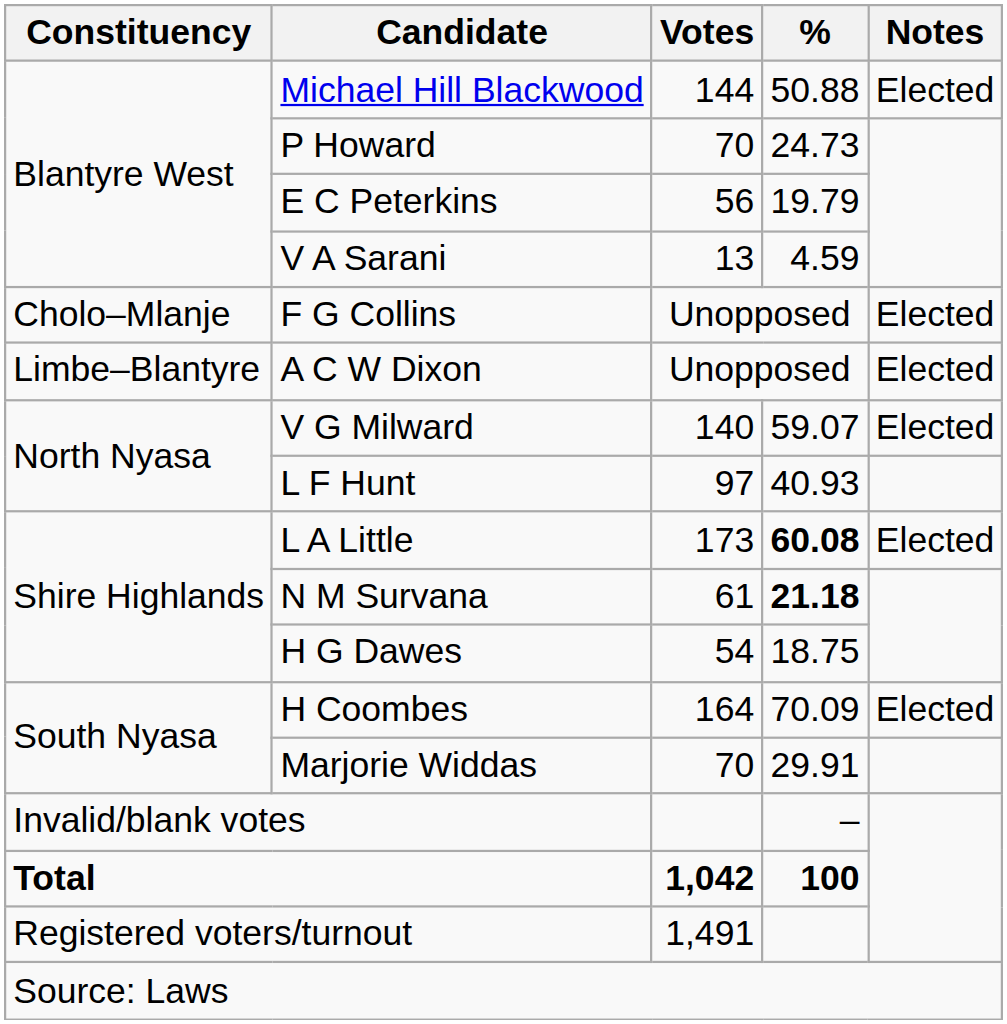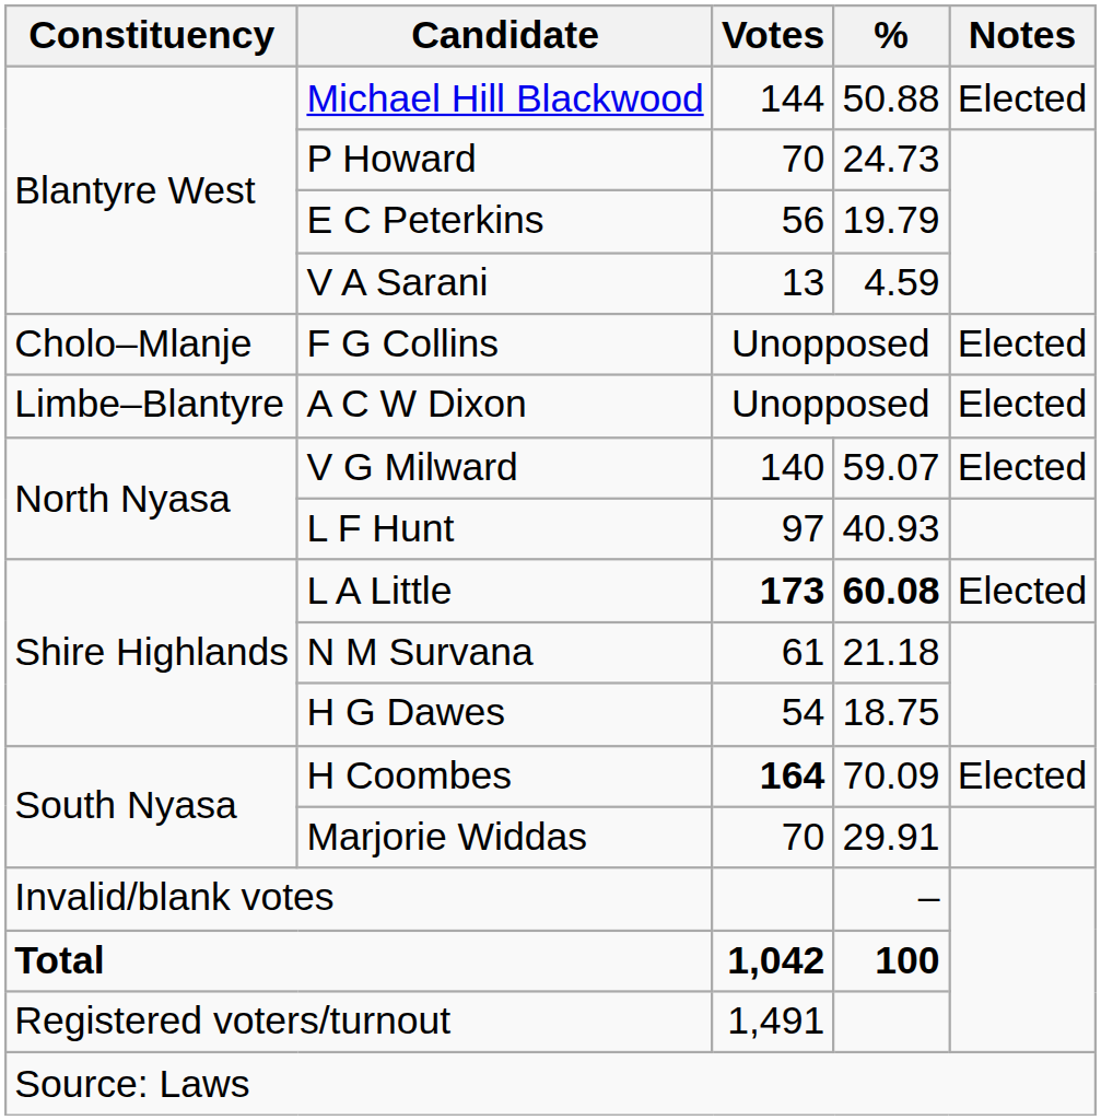 <table class=wikitable style=text-align:right>
 <tr>
 <th>Constituency</th>
 <th>Candidate</th>
 <th>Votes</th>
 <th>%</th>
 <th>Notes</th>
 </tr>
 <tr>
 <td align=left rowspan=4>Blantyre West</td>
 <td align=left><a href='#'>Michael Hill Blackwood</a></td>
 <td>144</td>
 <td>50.88</td>
 <td>Elected</td>
 </tr>
 <tr>
 <td align=left>P Howard</td>
 <td>70</td>
 <td>24.73</td>
 <td rowspan=3></td>
 </tr>
 <tr>
 <td align=left>E C Peterkins</td>
 <td>56</td>
 <td>19.79</td>
 </tr>
 <tr>
 <td align=left>V A Sarani</td>
 <td>13</td>
 <td>4.59</td>
 </tr>
 <tr>
 <td align=left>Cholo–Mlanje</td>
 <td align=left>F G Collins</td>
 <td colspan=2 align=center>Unopposed</td>
 <td>Elected</td>
 </tr>
 <tr>
 <td align=left>Limbe–Blantyre</td>
 <td align=left>A C W Dixon</td>
 <td colspan=2 align=center>Unopposed</td>
 <td>Elected</td>
 </tr>
 <tr>
 <td align=left rowspan=2>North Nyasa</td>
 <td align=left>V G Milward</td>
 <td>140</td>
 <td>59.07</td>
 <td>Elected</td>
 </tr>
 <tr>
 <td align=left>L F Hunt</td>
 <td>97</td>
 <td>40.93</td>
 <td></td>
 </tr>
 <tr>
 <td align=left rowspan=3>Shire Highlands</td>
 <td align=left>L A Little</td>
-<td>173</td>
+<td><strong>173</strong></td>
 <td><strong>60.08</strong></td>
 <td>Elected</td>
 </tr>
 <tr>
 <td align=left>N M Survana</td>
 <td>61</td>
-<td><strong>21.18</strong></td>
+<td>21.18</td>
 <td rowspan=2></td>
 </tr>
 <tr>
 <td align=left>H G Dawes</td>
 <td>54</td>
 <td>18.75</td>
 </tr>
 <tr>
 <td align=left rowspan=2>South Nyasa</td>
 <td align=left>H Coombes</td>
-<td>164</td>
+<td><strong>164</strong></td>
 <td>70.09</td>
 <td>Elected</td>
 </tr>
 <tr>
 <td align=left>Marjorie Widdas</td>
 <td>70</td>
 <td>29.91</td>
 <td></td>
 </tr>
 <tr>
 <td align=left colspan=2>Invalid/blank votes</td>
 <td></td>
 <td>–</td>
 <td rowspan=3></td>
 </tr>
 <tr>
 <td align=left colspan=2><strong>Total</strong></td>
 <td><strong>1,042</strong></td>
 <td><strong>100</strong></td>
 </tr>
 <tr>
 <td align=left colspan=2>Registered voters/turnout</td>
 <td>1,491</td>
 <td></td>
 </tr>
 <tr>
 <td align=left colspan=5>Source: Laws</td>
 </tr>
 </table>
